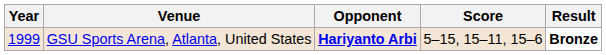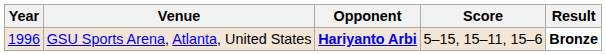 <table class="sortable wikitable" style="font-size: 90%;">
 <tr>
 <th>Year</th>
 <th>Venue</th>
 <th>Opponent</th>
 <th>Score</th>
 <th>Result</th>
 </tr>
 <tr style="background:#F3E6D7">
-<td align="center"><a href='#'>1999</a></td>
+<td align="center"><a href='#'>1996</a></td>
 <td align="left"><a href='#'>GSU Sports Arena</a>, <a href='#'>Atlanta</a>, United States</td>
 <td align="left"><strong> <a href='#'>Hariyanto Arbi</a></strong></td>
 <td align="left">5–15, 15–11, 15–6</td>
 <td style="text–align:left; background:white"> <strong>Bronze</strong></td>
 </tr>
 </table>
